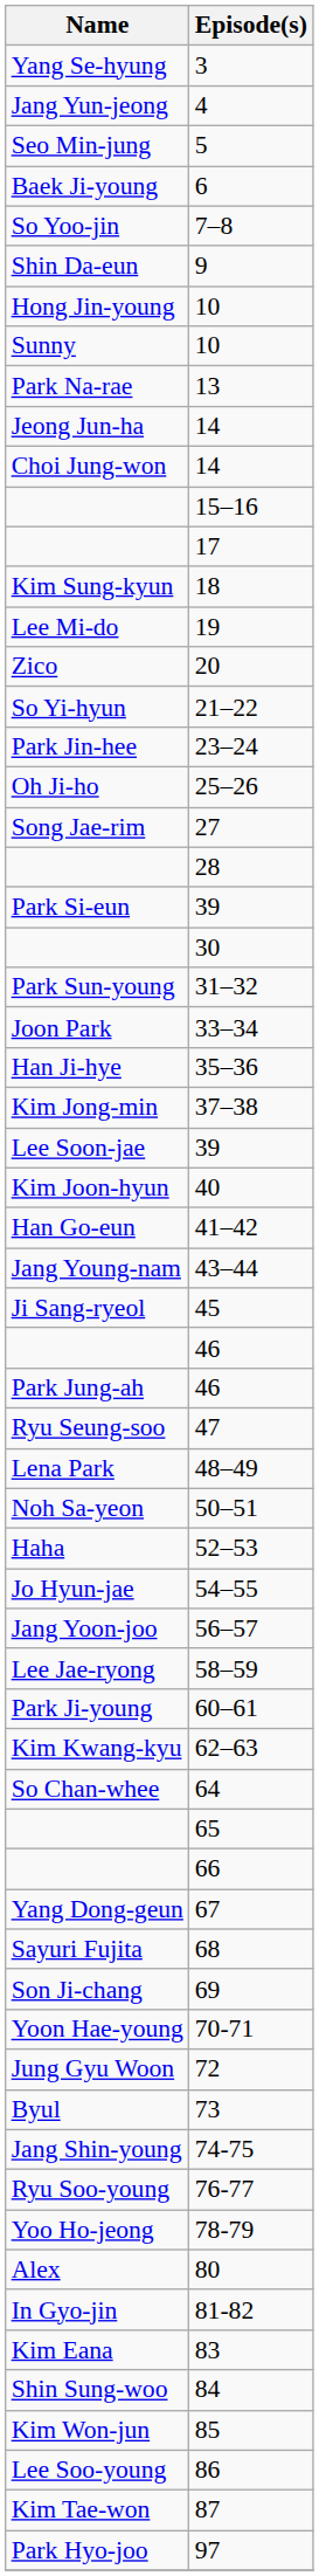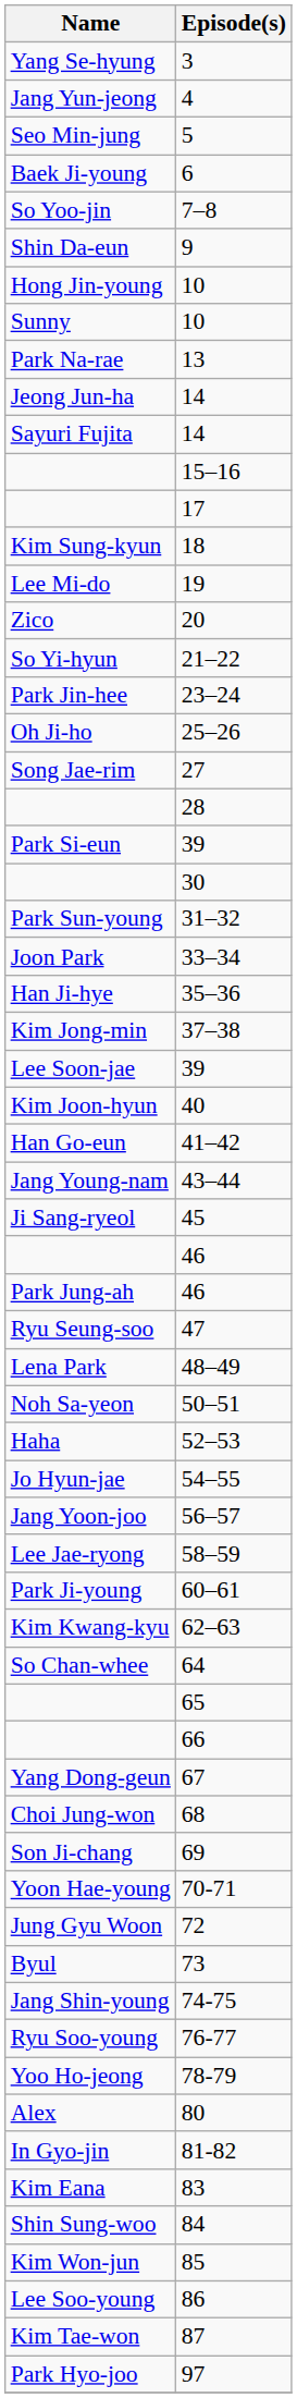 <table class="wikitable mw-collapsible mw-collapsed">
 <tr>
 <th style=text-align:center>Name</th>
 <th style=text-align:center>Episode(s)</th>
 </tr>
 <tr>
 <td><a href='#'>Yang Se-hyung</a></td>
 <td>3</td>
 </tr>
 <tr>
 <td><a href='#'>Jang Yun-jeong</a></td>
 <td>4</td>
 </tr>
 <tr>
 <td><a href='#'>Seo Min-jung</a></td>
 <td>5</td>
 </tr>
 <tr>
 <td><a href='#'>Baek Ji-young</a></td>
 <td>6</td>
 </tr>
 <tr>
 <td><a href='#'>So Yoo-jin</a></td>
 <td>7–8</td>
 </tr>
 <tr>
 <td><a href='#'>Shin Da-eun</a></td>
 <td>9</td>
 </tr>
 <tr>
 <td><a href='#'>Hong Jin-young</a></td>
 <td>10</td>
 </tr>
 <tr>
 <td><a href='#'>Sunny</a></td>
 <td>10</td>
 </tr>
 <tr>
 <td><a href='#'>Park Na-rae</a></td>
 <td>13</td>
 </tr>
 <tr>
 <td><a href='#'>Jeong Jun-ha</a></td>
 <td>14</td>
 </tr>
 <tr>
-<td><a href='#'>Choi Jung-won</a></td>
+<td><a href='#'>Sayuri Fujita</a></td>
 <td>14</td>
 </tr>
 <tr>
 <td></td>
 <td>15–16</td>
 </tr>
 <tr>
 <td></td>
 <td>17</td>
 </tr>
 <tr>
 <td><a href='#'>Kim Sung-kyun</a></td>
 <td>18</td>
 </tr>
 <tr>
 <td><a href='#'>Lee Mi-do</a></td>
 <td>19</td>
 </tr>
 <tr>
 <td><a href='#'>Zico</a></td>
 <td>20</td>
 </tr>
 <tr>
 <td><a href='#'>So Yi-hyun</a></td>
 <td>21–22</td>
 </tr>
 <tr>
 <td><a href='#'>Park Jin-hee</a></td>
 <td>23–24</td>
 </tr>
 <tr>
 <td><a href='#'>Oh Ji-ho</a></td>
 <td>25–26</td>
 </tr>
 <tr>
 <td><a href='#'>Song Jae-rim</a></td>
 <td>27</td>
 </tr>
 <tr>
 <td></td>
 <td>28</td>
 </tr>
 <tr>
 <td><a href='#'>Park Si-eun</a></td>
 <td>39</td>
 </tr>
 <tr>
 <td></td>
 <td>30</td>
 </tr>
 <tr>
 <td><a href='#'>Park Sun-young</a></td>
 <td>31–32</td>
 </tr>
 <tr>
 <td><a href='#'>Joon Park</a></td>
 <td>33–34</td>
 </tr>
 <tr>
 <td><a href='#'>Han Ji-hye</a></td>
 <td>35–36</td>
 </tr>
 <tr>
 <td><a href='#'>Kim Jong-min</a></td>
 <td>37–38</td>
 </tr>
 <tr>
 <td><a href='#'>Lee Soon-jae</a></td>
 <td>39</td>
 </tr>
 <tr>
 <td><a href='#'>Kim Joon-hyun</a></td>
 <td>40</td>
 </tr>
 <tr>
 <td><a href='#'>Han Go-eun</a></td>
 <td>41–42</td>
 </tr>
 <tr>
 <td><a href='#'>Jang Young-nam</a></td>
 <td>43–44</td>
 </tr>
 <tr>
 <td><a href='#'>Ji Sang-ryeol</a></td>
 <td>45</td>
 </tr>
 <tr>
 <td></td>
 <td>46</td>
 </tr>
 <tr>
 <td><a href='#'>Park Jung-ah</a></td>
 <td>46</td>
 </tr>
 <tr>
 <td><a href='#'>Ryu Seung-soo</a></td>
 <td>47</td>
 </tr>
 <tr>
 <td><a href='#'>Lena Park</a></td>
 <td>48–49</td>
 </tr>
 <tr>
 <td><a href='#'>Noh Sa-yeon</a></td>
 <td>50–51</td>
 </tr>
 <tr>
 <td><a href='#'>Haha</a></td>
 <td>52–53</td>
 </tr>
 <tr>
 <td><a href='#'>Jo Hyun-jae</a></td>
 <td>54–55</td>
 </tr>
 <tr>
 <td><a href='#'>Jang Yoon-joo</a></td>
 <td>56–57</td>
 </tr>
 <tr>
 <td><a href='#'>Lee Jae-ryong</a></td>
 <td>58–59</td>
 </tr>
 <tr>
 <td><a href='#'>Park Ji-young</a></td>
 <td>60–61</td>
 </tr>
 <tr>
 <td><a href='#'>Kim Kwang-kyu</a></td>
 <td>62–63</td>
 </tr>
 <tr>
 <td><a href='#'>So Chan-whee</a></td>
 <td>64</td>
 </tr>
 <tr>
 <td></td>
 <td>65</td>
 </tr>
 <tr>
 <td></td>
 <td>66</td>
 </tr>
 <tr>
 <td><a href='#'>Yang Dong-geun</a></td>
 <td>67</td>
 </tr>
 <tr>
-<td><a href='#'>Sayuri Fujita</a></td>
+<td><a href='#'>Choi Jung-won</a></td>
 <td>68</td>
 </tr>
 <tr>
 <td><a href='#'>Son Ji-chang</a></td>
 <td>69</td>
 </tr>
 <tr>
 <td><a href='#'>Yoon Hae-young</a></td>
 <td>70-71</td>
 </tr>
 <tr>
 <td><a href='#'>Jung Gyu Woon</a></td>
 <td>72</td>
 </tr>
 <tr>
 <td><a href='#'>Byul</a></td>
 <td>73</td>
 </tr>
 <tr>
 <td><a href='#'>Jang Shin-young</a></td>
 <td>74-75</td>
 </tr>
 <tr>
 <td><a href='#'>Ryu Soo-young</a></td>
 <td>76-77</td>
 </tr>
 <tr>
 <td><a href='#'>Yoo Ho-jeong</a></td>
 <td>78-79</td>
 </tr>
 <tr>
 <td><a href='#'>Alex</a></td>
 <td>80</td>
 </tr>
 <tr>
 <td><a href='#'>In Gyo-jin</a></td>
 <td>81-82</td>
 </tr>
 <tr>
 <td><a href='#'>Kim Eana</a></td>
 <td>83</td>
 </tr>
 <tr>
 <td><a href='#'>Shin Sung-woo</a></td>
 <td>84</td>
 </tr>
 <tr>
 <td><a href='#'>Kim Won-jun</a></td>
 <td>85</td>
 </tr>
 <tr>
 <td><a href='#'>Lee Soo-young</a></td>
 <td>86</td>
 </tr>
 <tr>
 <td><a href='#'>Kim Tae-won</a></td>
 <td>87</td>
 </tr>
 <tr>
 <td><a href='#'>Park Hyo-joo</a></td>
 <td>97</td>
 </tr>
 <tr>
 </tr>
 </table>
